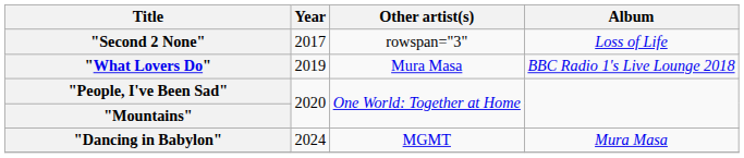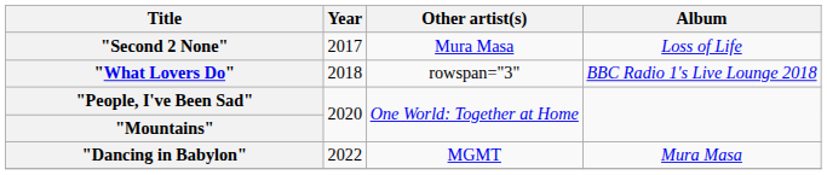 <table class="wikitable plainrowheaders" style="text-align:center;">
 <tr>
 <th scope="col" style="width:18em;">Title</th>
 <th scope="col" style="width:1em;">Year</th>
 <th scope="col">Other artist(s)</th>
 <th scope="col">Album</th>
 </tr>
 <tr>
 <th scope="row">"Second 2 None"</th>
 <td>2017</td>
-<td>rowspan="3" </td>
+<td><a href='#'>Mura Masa</a></td>
 <td><em><a href='#'>Loss of Life</a></em></td>
 </tr>
 <tr>
 <th scope="row">"<a href='#'>What Lovers Do</a>"</th>
-<td>2019</td>
-<td><a href='#'>Mura Masa</a></td>
+<td>2018</td>
+<td>rowspan="3" </td>
 <td><em><a href='#'>BBC Radio 1's Live Lounge 2018</a></em></td>
 </tr>
 <tr>
 <th scope="row">"People, I've Been Sad"</th>
 <td rowspan="2">2020</td>
 <td rowspan="2"><em><a href='#'>One World: Together at Home</a></em></td>
 </tr>
 <tr>
 <th scope="row">"Mountains"</th>
 </tr>
 <tr>
 <th scope="row">"Dancing in Babylon"</th>
-<td>2024</td>
+<td>2022</td>
 <td><a href='#'>MGMT</a></td>
 <td><em><a href='#'>Mura Masa</a></em></td>
 </tr>
 <tr>
 </tr>
 </table>
